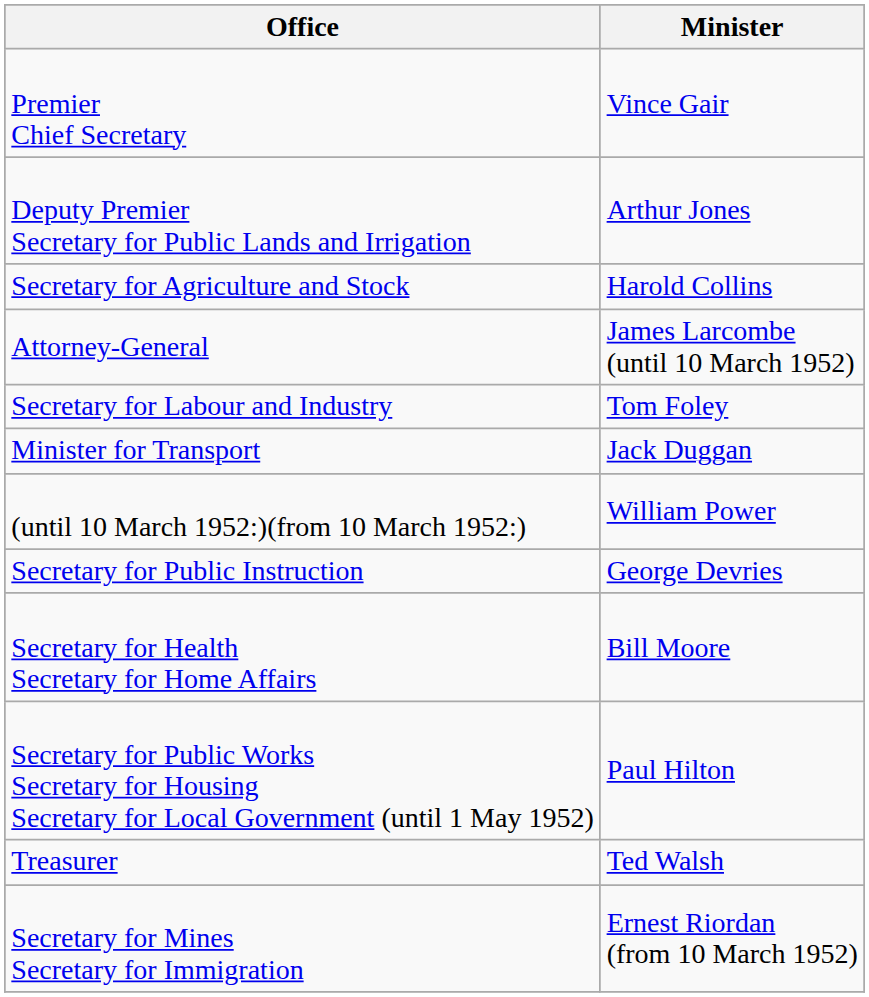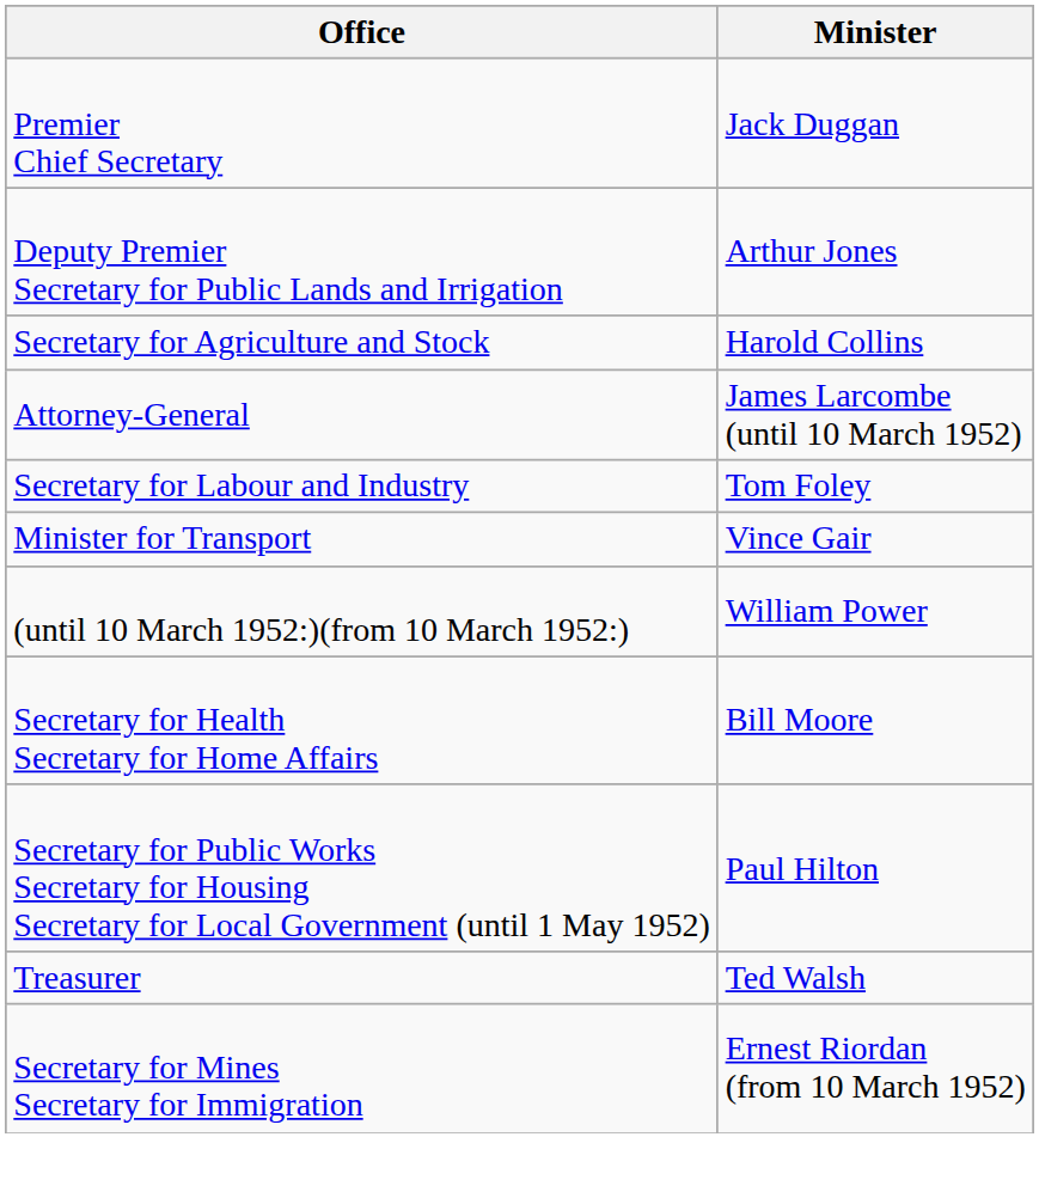 <table class="wikitable">
 <tr>
 <th>Office</th>
 <th>Minister</th>
 </tr>
 <tr>
 <td><br><a href='#'>Premier</a><br> <a href='#'>Chief Secretary</a><br></td>
-<td><a href='#'>Vince Gair</a></td>
+<td><a href='#'>Jack Duggan</a></td>
 </tr>
 <tr>
 <td><br><a href='#'>Deputy Premier</a><br> <a href='#'>Secretary for Public Lands and Irrigation</a><br></td>
 <td><a href='#'>Arthur Jones</a></td>
 </tr>
 <tr>
 <td><a href='#'>Secretary for Agriculture and Stock</a></td>
 <td><a href='#'>Harold Collins</a></td>
 </tr>
 <tr>
 <td><a href='#'>Attorney-General</a></td>
 <td><a href='#'>James Larcombe</a><br>(until 10 March 1952)</td>
 </tr>
 <tr>
 <td><a href='#'>Secretary for Labour and Industry</a></td>
 <td><a href='#'>Tom Foley</a></td>
 </tr>
 <tr>
 <td><a href='#'>Minister for Transport</a></td>
-<td><a href='#'>Jack Duggan</a></td>
+<td><a href='#'>Vince Gair</a></td>
 </tr>
 <tr>
 <td><br>(until 10 March 1952:)(from 10 March 1952:)</td>
 <td><a href='#'>William Power</a></td>
-</tr>
-<tr>
-<td><a href='#'>Secretary for Public Instruction</a></td>
-<td><a href='#'>George Devries</a></td>
 </tr>
 <tr>
 <td><br><a href='#'>Secretary for Health</a><br> <a href='#'>Secretary for Home Affairs</a></td>
 <td><a href='#'>Bill Moore</a></td>
 </tr>
 <tr>
 <td><br><a href='#'>Secretary for Public Works</a><br> <a href='#'>Secretary for Housing</a><br> <a href='#'>Secretary for Local Government</a> (until 1 May 1952)</td>
 <td><a href='#'>Paul Hilton</a></td>
 </tr>
 <tr>
 <td><a href='#'>Treasurer</a></td>
 <td><a href='#'>Ted Walsh</a></td>
 </tr>
 <tr>
 <td><br><a href='#'>Secretary for Mines</a><br> <a href='#'>Secretary for Immigration</a></td>
 <td><a href='#'>Ernest Riordan</a><br>(from 10 March 1952)</td>
 </tr>
 </table>
